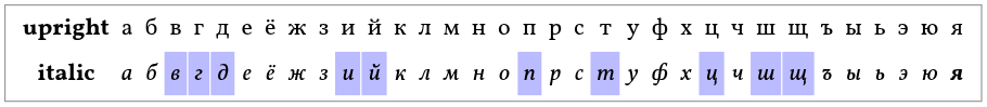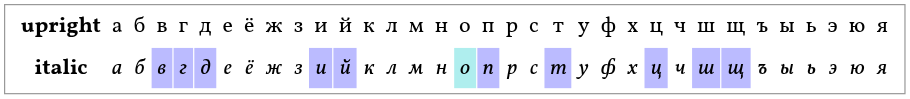 <table border=0 cellpadding=4 cellspacing=1 style="padding:0 .5em .2em; border:1px solid #999; margin:1em 0;">
 <tr style="font-family:Vollkorn,FreeSerif,Cambria,'Times New Roman','Nimbus Roman No9 L','Century Schoolbook L','Trebuchet MS','URW Bookman L','URW Chancery L','URW Palladio L',Teams,serif; font-size:large; text-align:center; " lang="ru">
 <th lang="en">upright</th>
 <td>а</td>
 <td>б</td>
 <td>в</td>
 <td>г</td>
 <td>д</td>
 <td>е</td>
 <td>ё</td>
 <td>ж</td>
 <td>з</td>
 <td>и</td>
 <td>й</td>
 <td>к</td>
 <td>л</td>
 <td>м</td>
 <td>н</td>
 <td>о</td>
 <td>п</td>
 <td>р</td>
 <td>с</td>
 <td>т</td>
 <td>у</td>
 <td>ф</td>
 <td>х</td>
 <td>ц</td>
 <td>ч</td>
 <td>ш</td>
 <td>щ</td>
 <td>ъ</td>
 <td>ы</td>
 <td>ь</td>
 <td>э</td>
 <td>ю</td>
 <td>я</td>
 </tr>
 <tr style="font-family:Vollkorn,FreeSerif,Cambria,'Times New Roman','Nimbus Roman No9 L','Century Schoolbook L','Trebuchet MS','URW Bookman L','URW Chancery L','URW Palladio L',Teams,serif; font-size:large; text-align:center; " lang="ru">
 <th lang="en">italic</th>
 <td><em>а</em></td>
 <td><em>б</em></td>
 <td style="background:#BBF"><em>в</em></td>
 <td style="background:#BBF"><em>г</em></td>
 <td style="background:#BBF"><em>д</em></td>
 <td><em>е</em></td>
 <td><em>ё</em></td>
 <td><em>ж</em></td>
 <td><em>з</em></td>
 <td style="background:#BBF"><em>и</em></td>
 <td style="background:#BBF"><em>й</em></td>
 <td><em>к</em></td>
 <td><em>л</em></td>
 <td><em>м</em></td>
 <td><em>н</em></td>
-<td><em>о</em></td>
+<td style="background: paleturquoise;"><em>о</em></td>
 <td style="background:#BBF"><em>п</em></td>
 <td><em>р</em></td>
 <td><em>с</em></td>
 <td style="background:#BBF"><em>т</em></td>
 <td><em>у</em></td>
 <td><em>ф</em></td>
 <td><em>х</em></td>
 <td style="background:#BBF"><em>ц</em></td>
 <td><em>ч</em></td>
 <td style="background:#BBF"><em>ш</em></td>
 <td style="background:#BBF"><em>щ</em></td>
 <td><em>ъ</em></td>
 <td><em>ы</em></td>
 <td><em>ь</em></td>
 <td><em>э</em></td>
 <td><em>ю</em></td>
-<td><strong><em>я</em></strong></td>
+<td><em>я</em></td>
 </tr>
 </table>
